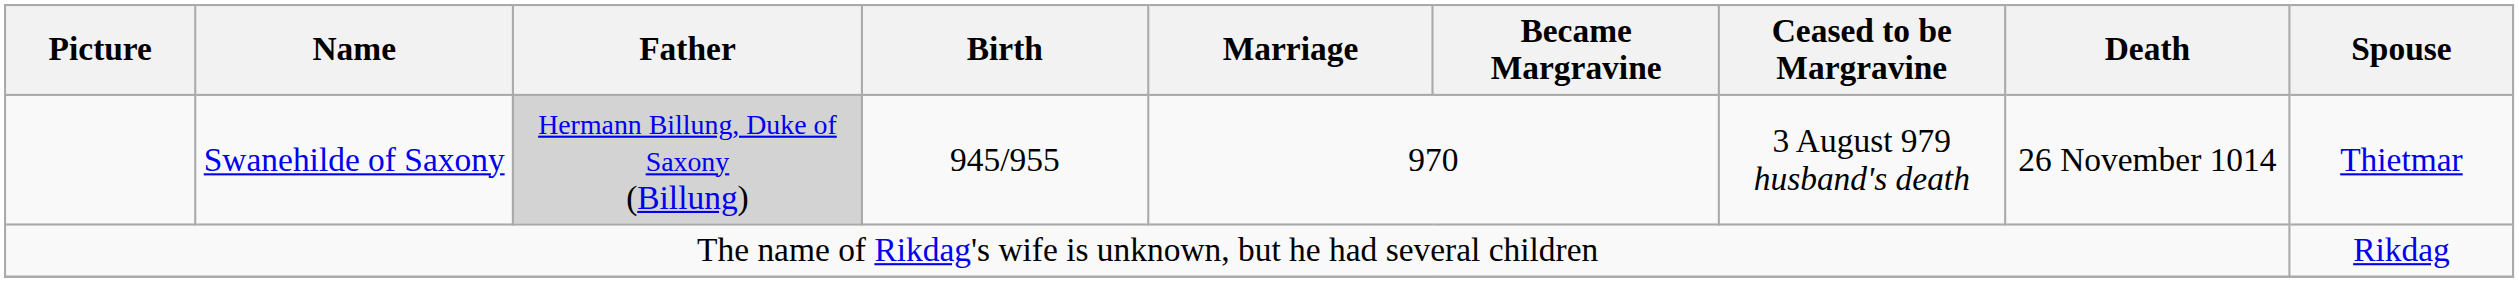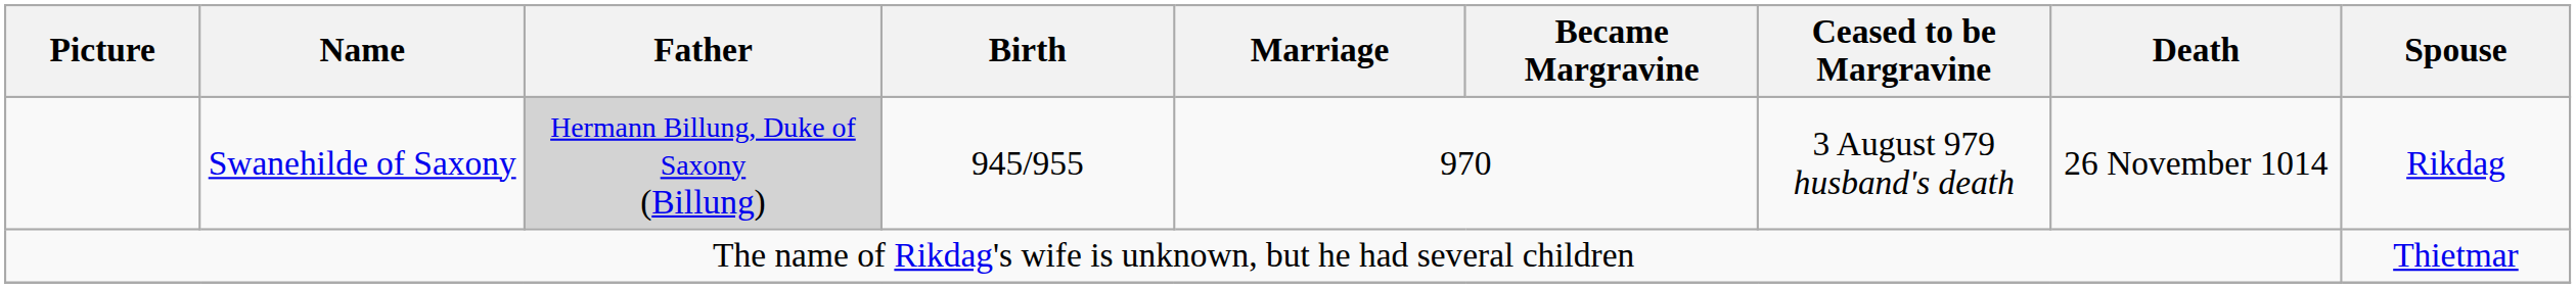 <table width=95% class="wikitable">
 <tr>
 <th width = "6%">Picture</th>
 <th width = "10%">Name</th>
 <th width = "11%">Father</th>
 <th width = "9%">Birth</th>
 <th width = "9%">Marriage</th>
 <th width = "9%">Became Margravine</th>
 <th width = "9%">Ceased to be Margravine</th>
 <th width = "9%">Death</th>
 <th width = "7%">Spouse</th>
 </tr>
 <tr>
 <td align="center"></td>
 <td align="center"><a href='#'>Swanehilde of Saxony</a></td>
 <td align="center" style="background: lightgrey;"><small><a href='#'>Hermann Billung, Duke of Saxony</a></small><br>(<a href='#'>Billung</a>)</td>
 <td align="center">945/955</td>
 <td align="center" colspan="2">970</td>
 <td align="center">3 August 979<br><em>husband's death</em></td>
 <td align="center">26 November 1014</td>
-<td align="center"><a href='#'>Thietmar</a></td>
+<td align="center"><a href='#'>Rikdag</a></td>
 </tr>
 <tr>
 <td align="center" colspan="8">The name of <a href='#'>Rikdag</a>'s wife is unknown, but he had several children</td>
-<td align="center"><a href='#'>Rikdag</a></td>
+<td align="center"><a href='#'>Thietmar</a></td>
 </tr>
 <tr>
 </tr>
 </table>
